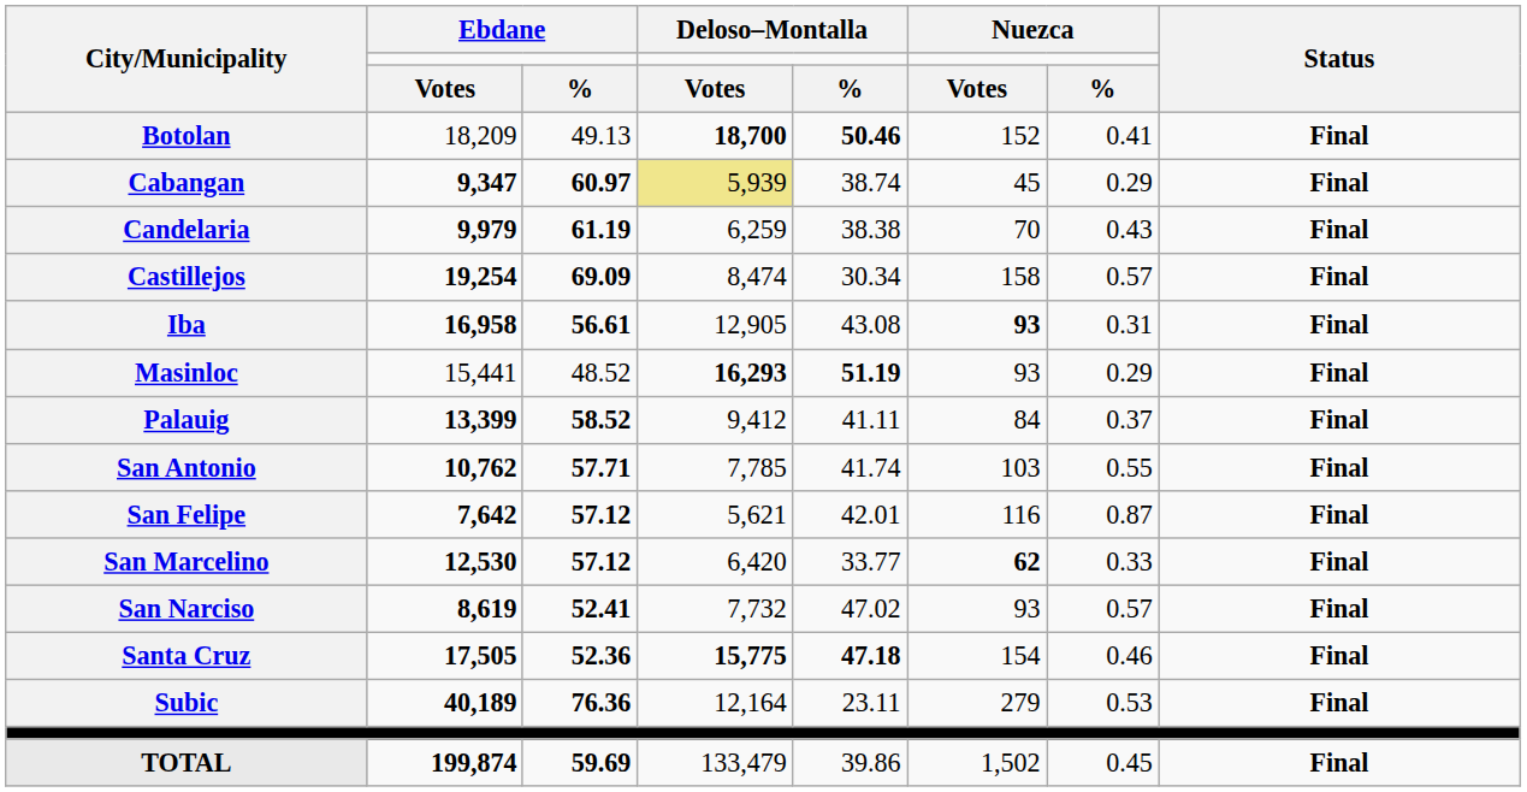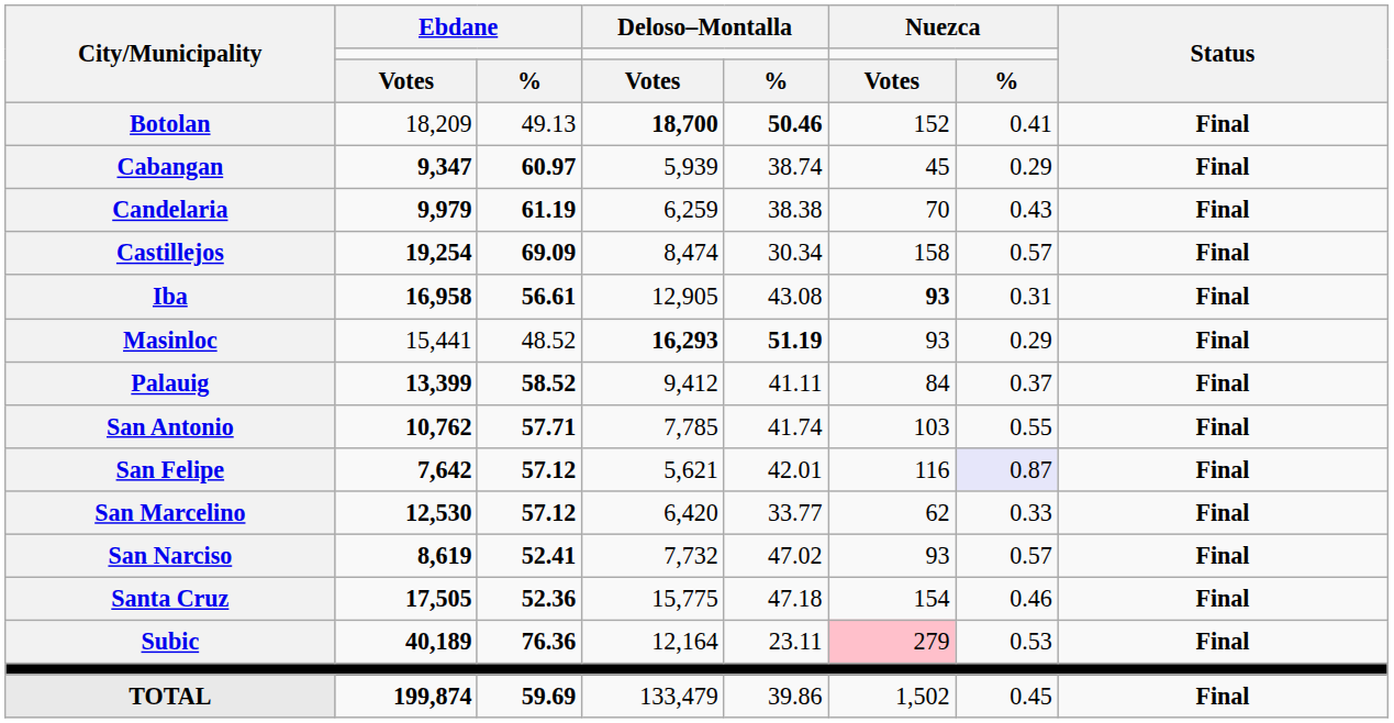 <table class="wikitable collapsible collapsed" style="text-align:right; font-size:95%; line-height:20px;">
 <tr>
 <th rowspan="3" width="200">City/Municipality</th>
 <th colspan="2" width="200"><a href='#'>Ebdane</a></th>
 <th colspan="2" width="200">Deloso–Montalla</th>
 <th colspan="2" width="200">Nuezca</th>
 <th rowspan="3" width="200">Status</th>
 </tr>
 <tr>
 <td colspan="2" style="background:"></td>
 <td colspan="2" style="background:"></td>
 <td colspan="2" style="background:"></td>
 </tr>
 <tr>
 <th>Votes</th>
 <th>%</th>
 <th>Votes</th>
 <th>%</th>
 <th>Votes</th>
 <th>%</th>
 </tr>
 <tr>
 <th><a href='#'>Botolan</a></th>
 <td>18,209</td>
 <td>49.13</td>
 <td style="background:"><strong>18,700</strong></td>
 <td style="background:"><strong>50.46</strong></td>
 <td>152</td>
 <td>0.41</td>
 <td align="center" style="background:"><strong>Final</strong></td>
 </tr>
 <tr>
 <th><a href='#'>Cabangan</a></th>
 <td style="background:"><strong>9,347</strong></td>
 <td style="background:"><strong>60.97</strong></td>
-<td style="background: khaki;">5,939</td>
+<td>5,939</td>
 <td>38.74</td>
 <td>45</td>
 <td>0.29</td>
 <td align="center" style="background:"><strong>Final</strong></td>
 </tr>
 <tr>
 <th><a href='#'>Candelaria</a></th>
 <td style="background:"><strong>9,979</strong></td>
 <td style="background:"><strong>61.19</strong></td>
 <td>6,259</td>
 <td>38.38</td>
 <td>70</td>
 <td>0.43</td>
 <td align="center" style="background:"><strong>Final</strong></td>
 </tr>
 <tr>
 <th><a href='#'>Castillejos</a></th>
 <td style="background:"><strong>19,254</strong></td>
 <td style="background:"><strong>69.09</strong></td>
 <td>8,474</td>
 <td>30.34</td>
 <td>158</td>
 <td>0.57</td>
 <td align="center" style="background:"><strong>Final</strong></td>
 </tr>
 <tr>
 <th><a href='#'>Iba</a></th>
 <td style="background:"><strong>16,958</strong></td>
 <td style="background:"><strong>56.61</strong></td>
 <td>12,905</td>
 <td>43.08</td>
 <td><strong>93</strong></td>
 <td>0.31</td>
 <td align="center" style="background:"><strong>Final</strong></td>
 </tr>
 <tr>
 <th><a href='#'>Masinloc</a></th>
 <td>15,441</td>
 <td>48.52</td>
 <td style="background:"><strong>16,293</strong></td>
 <td style="background:"><strong>51.19</strong></td>
 <td>93</td>
 <td>0.29</td>
 <td align="center" style="background:"><strong>Final</strong></td>
 </tr>
 <tr>
 <th><a href='#'>Palauig</a></th>
 <td style="background:"><strong>13,399</strong></td>
 <td style="background:"><strong>58.52</strong></td>
 <td>9,412</td>
 <td>41.11</td>
 <td>84</td>
 <td>0.37</td>
 <td align="center" style="background:"><strong>Final</strong></td>
 </tr>
 <tr>
 <th><a href='#'>San Antonio</a></th>
 <td style="background:"><strong>10,762</strong></td>
 <td style="background:"><strong>57.71</strong></td>
 <td>7,785</td>
 <td>41.74</td>
 <td>103</td>
 <td>0.55</td>
 <td align="center" style="background:"><strong>Final</strong></td>
 </tr>
 <tr>
 <th><a href='#'>San Felipe</a></th>
 <td style="background:"><strong>7,642</strong></td>
 <td style="background:"><strong>57.12</strong></td>
 <td>5,621</td>
 <td>42.01</td>
 <td>116</td>
-<td>0.87</td>
+<td style="background: lavender;">0.87</td>
 <td align="center" style="background:"><strong>Final</strong></td>
 </tr>
 <tr>
 <th><a href='#'>San Marcelino</a></th>
 <td style="background:"><strong>12,530</strong></td>
 <td style="background:"><strong>57.12</strong></td>
 <td>6,420</td>
 <td>33.77</td>
-<td><strong>62</strong></td>
+<td>62</td>
 <td>0.33</td>
 <td align="center" style="background:"><strong>Final</strong></td>
 </tr>
 <tr>
 <th><a href='#'>San Narciso</a></th>
 <td style="background:"><strong>8,619</strong></td>
 <td style="background:"><strong>52.41</strong></td>
 <td>7,732</td>
 <td>47.02</td>
 <td>93</td>
 <td>0.57</td>
 <td align="center" style="background:"><strong>Final</strong></td>
 </tr>
 <tr>
 <th><a href='#'>Santa Cruz</a></th>
 <td style="background:"><strong>17,505</strong></td>
 <td style="background:"><strong>52.36</strong></td>
-<td><strong>15,775</strong></td>
-<td><strong>47.18</strong></td>
+<td>15,775</td>
+<td>47.18</td>
 <td>154</td>
 <td>0.46</td>
 <td align="center" style="background:"><strong>Final</strong></td>
 </tr>
 <tr>
 <th><a href='#'>Subic</a></th>
 <td style="background:"><strong>40,189</strong></td>
 <td style="background:"><strong>76.36</strong></td>
 <td>12,164</td>
 <td>23.11</td>
-<td>279</td>
+<td style="background: pink;">279</td>
 <td>0.53</td>
 <td align="center" style="background:"><strong>Final</strong></td>
 </tr>
 <tr>
 <td colspan="8" style="background-color:#000000;"></td>
 </tr>
 <tr>
 <td style="background:#E9E9E9;" align="center"><strong>TOTAL</strong></td>
 <td style="background:"><strong>199,874</strong></td>
 <td style="background:"><strong>59.69</strong></td>
 <td>133,479</td>
 <td>39.86</td>
 <td>1,502</td>
 <td>0.45</td>
 <td align="center" style="background:"><strong>Final</strong></td>
 </tr>
 </table>
